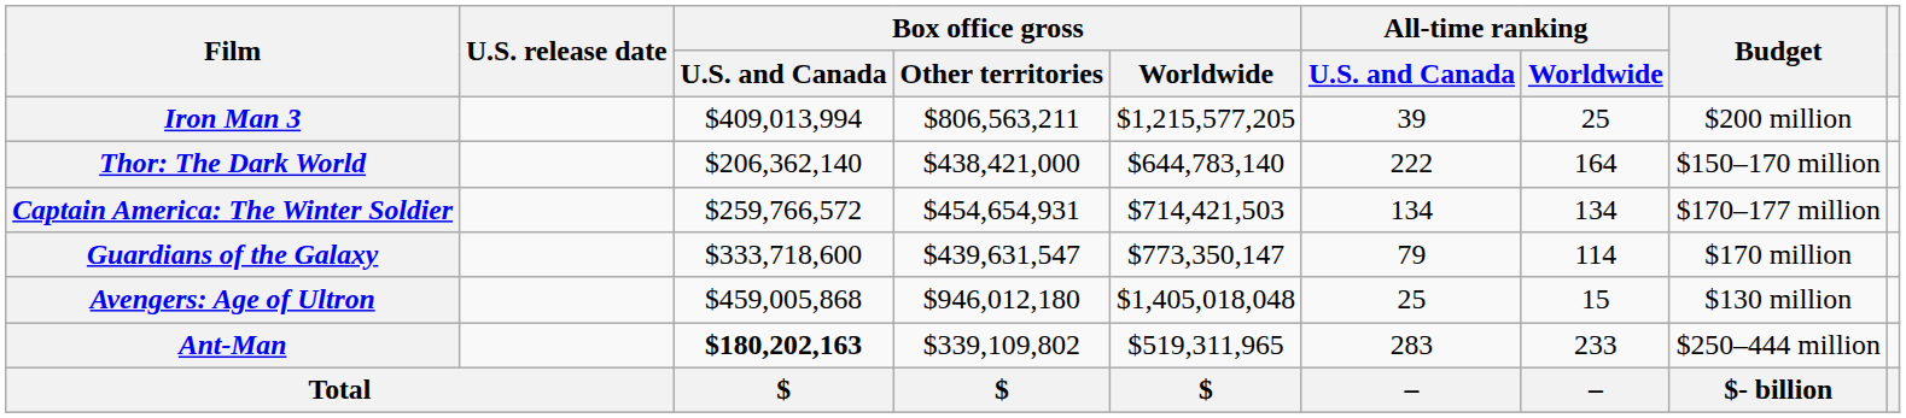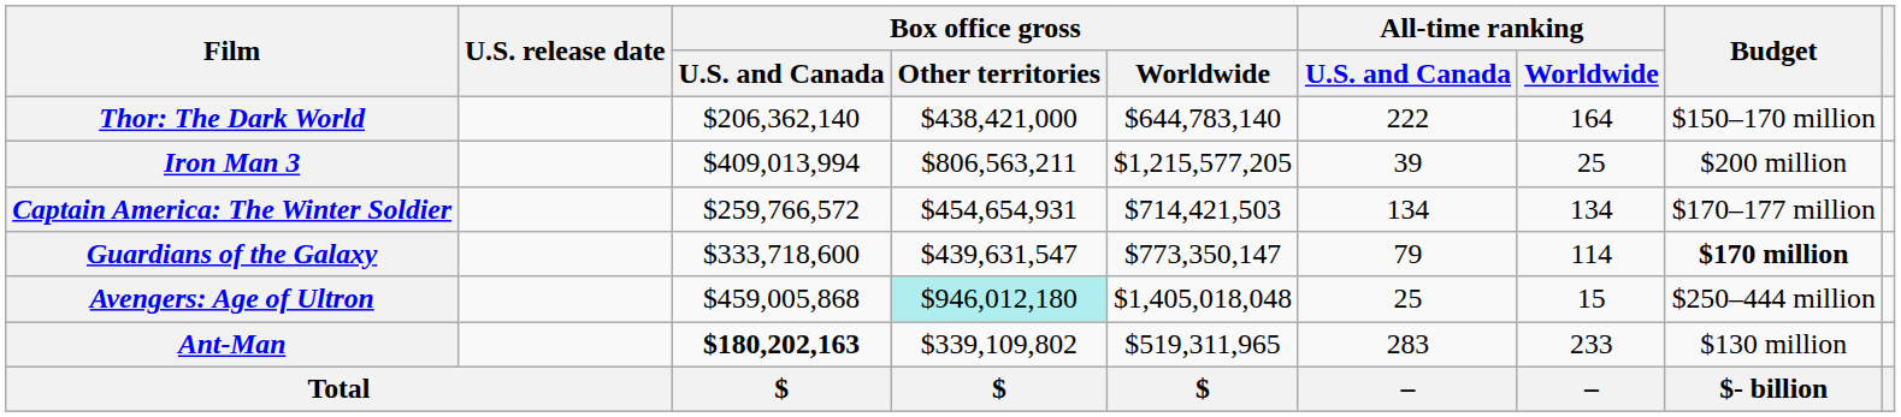 <table class="wikitable plainrowheaders sortable" style="text-align: center;">
 <tr>
 <th scope="col" rowspan="2">Film</th>
 <th scope="col" rowspan="2">U.S. release date</th>
 <th scope="col" colspan="3" class="sortable">Box office gross</th>
 <th scope="col" colspan="2" style="text: wrap;" class="unsortable">All-time ranking</th>
 <th scope="col" rowspan="2">Budget</th>
 <th scope="col" rowspan="2" class="unsortable"></th>
 </tr>
 <tr>
 <th scope="col">U.S. and Canada</th>
 <th scope="col">Other territories</th>
 <th scope="col">Worldwide</th>
 <th scope="col" class="sortable"><a href='#'>U.S. and Canada</a></th>
 <th scope="col" class="sortable"><a href='#'>Worldwide</a></th>
 </tr>
 <tr>
+<th scope="row"><em><a href='#'>Thor: The Dark World</a></em></th>
+<td></td>
+<td>$206,362,140</td>
+<td>$438,421,000</td>
+<td>$644,783,140</td>
+<td>222</td>
+<td>164</td>
+<td>$150–170 million</td>
+<td></td>
+</tr>
+<tr>
 <th scope="row"><em><a href='#'>Iron Man 3</a></em></th>
 <td></td>
 <td>$409,013,994</td>
 <td>$806,563,211</td>
 <td>$1,215,577,205</td>
 <td>39</td>
 <td>25</td>
 <td>$200 million</td>
-<td></td>
-</tr>
-<tr>
-<th scope="row"><em><a href='#'>Thor: The Dark World</a></em></th>
-<td></td>
-<td>$206,362,140</td>
-<td>$438,421,000</td>
-<td>$644,783,140</td>
-<td>222</td>
-<td>164</td>
-<td>$150–170 million</td>
 <td></td>
 </tr>
 <tr>
 <th scope="row"><em><a href='#'>Captain America: The Winter Soldier</a></em></th>
 <td></td>
 <td>$259,766,572</td>
 <td>$454,654,931</td>
 <td>$714,421,503</td>
 <td>134</td>
 <td>134</td>
 <td>$170–177 million</td>
 <td></td>
 </tr>
 <tr>
 <th scope="row"><em><a href='#'>Guardians of the Galaxy</a></em></th>
 <td></td>
 <td>$333,718,600</td>
 <td>$439,631,547</td>
 <td>$773,350,147</td>
 <td>79</td>
 <td>114</td>
-<td>$170 million</td>
+<td><strong>$170 million</strong></td>
 <td></td>
 </tr>
 <tr>
 <th scope="row"><em><a href='#'>Avengers: Age of Ultron</a></em></th>
 <td></td>
 <td>$459,005,868</td>
-<td>$946,012,180</td>
+<td style="background: paleturquoise;">$946,012,180</td>
 <td>$1,405,018,048</td>
 <td>25</td>
 <td>15</td>
-<td>$130 million</td>
+<td>$250–444 million</td>
 <td></td>
 </tr>
 <tr>
 <th scope="row"><em><a href='#'>Ant-Man</a></em></th>
 <td></td>
 <td><strong>$180,202,163</strong></td>
 <td>$339,109,802</td>
 <td>$519,311,965</td>
 <td>283</td>
 <td>233</td>
-<td>$250–444 million</td>
+<td>$130 million</td>
 <td></td>
 </tr>
 <tr style="font-weight: bold;">
 <th scope="col" colspan="2">Total</th>
 <th>$</th>
 <th>$</th>
 <th>$</th>
 <th>–</th>
 <th>–</th>
 <th>$- billion</th>
 <th></th>
 </tr>
 </table>
